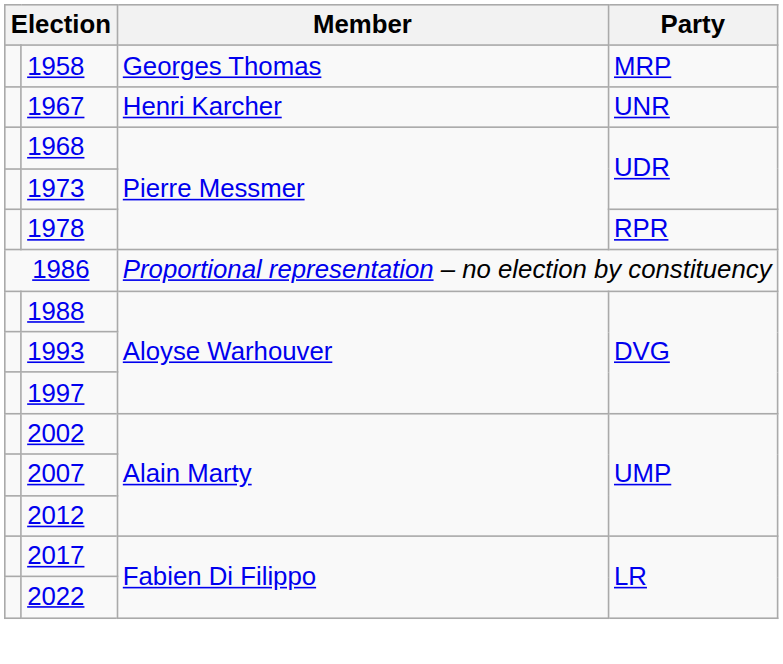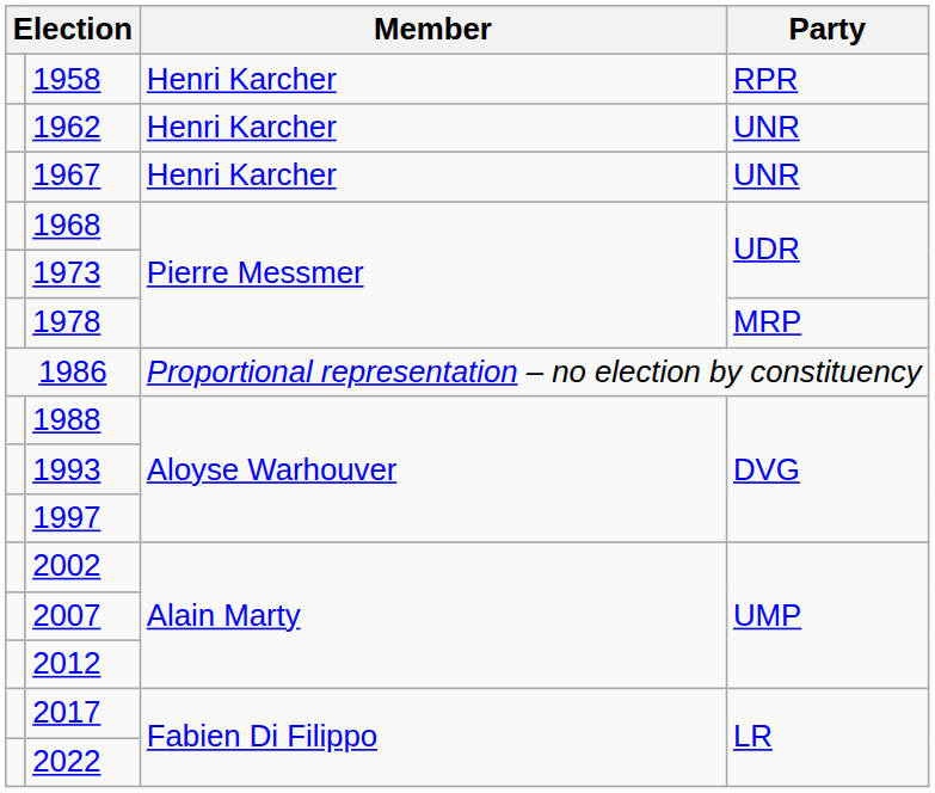 <table class="wikitable">
 <tr>
 <th colspan="2">Election</th>
 <th>Member</th>
 <th>Party</th>
 </tr>
 <tr>
 <td style="color:inherit;background-color: "></td>
 <td><a href='#'>1958</a></td>
-<td><a href='#'>Georges Thomas</a></td>
-<td><a href='#'>MRP</a></td>
+<td><a href='#'>Henri Karcher</a></td>
+<td><a href='#'>RPR</a></td>
+</tr>
+<tr>
+<td style="color:inherit;background-color: "></td>
+<td><a href='#'>1962</a></td>
+<td><a href='#'>Henri Karcher</a></td>
+<td><a href='#'>UNR</a></td>
 </tr>
 <tr>
 <td style="color:inherit;background-color: "></td>
 <td><a href='#'>1967</a></td>
 <td><a href='#'>Henri Karcher</a></td>
 <td><a href='#'>UNR</a></td>
 </tr>
 <tr>
 <td style="color:inherit;background-color: "></td>
 <td><a href='#'>1968</a></td>
 <td rowspan="3"><a href='#'>Pierre Messmer</a></td>
 <td rowspan="2"><a href='#'>UDR</a></td>
 </tr>
 <tr>
 <td style="color:inherit;background-color: "></td>
 <td><a href='#'>1973</a></td>
 </tr>
 <tr>
 <td style="color:inherit;background-color: "></td>
 <td><a href='#'>1978</a></td>
-<td><a href='#'>RPR</a></td>
+<td><a href='#'>MRP</a></td>
 </tr>
 <tr>
 <td colspan="2" align="center"><a href='#'>1986</a></td>
 <td colspan="2"><em><a href='#'>Proportional representation</a> – no election by constituency</em></td>
 </tr>
 <tr>
 <td style="color:inherit;background-color: "></td>
 <td><a href='#'>1988</a></td>
 <td rowspan="3"><a href='#'>Aloyse Warhouver</a></td>
 <td rowspan="3"><a href='#'>DVG</a></td>
 </tr>
 <tr>
 <td style="color:inherit;background-color: "></td>
 <td><a href='#'>1993</a></td>
 </tr>
 <tr>
 <td style="color:inherit;background-color: "></td>
 <td><a href='#'>1997</a></td>
 </tr>
 <tr>
 <td style="color:inherit;background-color: "></td>
 <td><a href='#'>2002</a></td>
 <td rowspan="3"><a href='#'>Alain Marty</a></td>
 <td rowspan="3"><a href='#'>UMP</a></td>
 </tr>
 <tr>
 <td style="color:inherit;background-color: "></td>
 <td><a href='#'>2007</a></td>
 </tr>
 <tr>
 <td style="color:inherit;background-color: "></td>
 <td><a href='#'>2012</a></td>
 </tr>
 <tr>
 <td style="color:inherit;background-color: "></td>
 <td><a href='#'>2017</a></td>
 <td rowspan="2"><a href='#'>Fabien Di Filippo</a></td>
 <td rowspan="2"><a href='#'>LR</a></td>
 </tr>
 <tr>
 <td style="color:inherit;background-color: "></td>
 <td><a href='#'>2022</a></td>
 </tr>
 </table>
